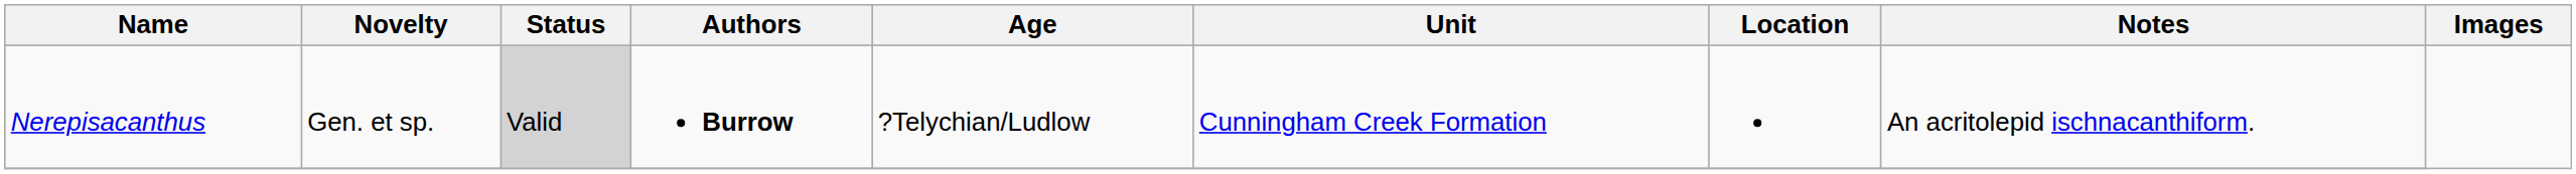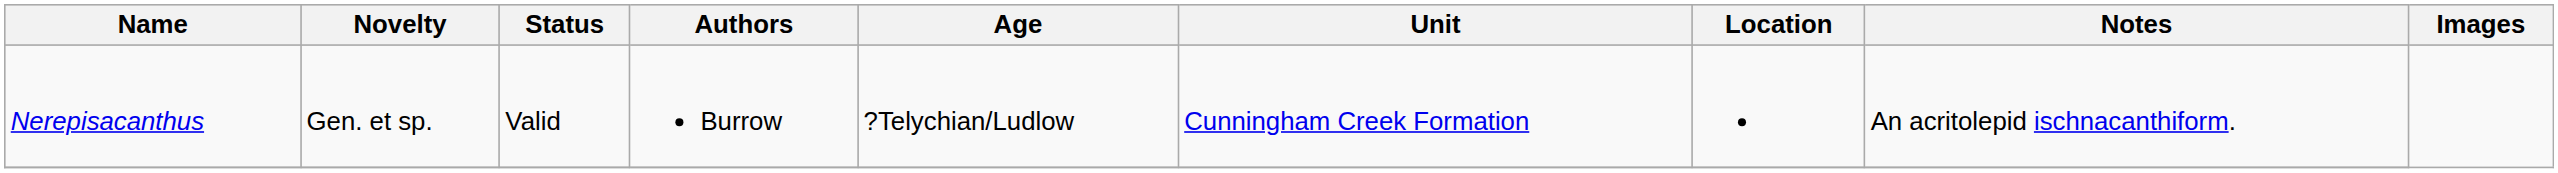 <table class="wikitable sortable" align="center" width="100%">
 <tr>
 <th>Name</th>
 <th>Novelty</th>
 <th>Status</th>
 <th>Authors</th>
 <th>Age</th>
 <th>Unit</th>
 <th>Location</th>
 <th>Notes</th>
 <th>Images</th>
 </tr>
 <tr>
 <td><br><em><a href='#'>Nerepisacanthus</a></em></td>
 <td><br>Gen. et sp.</td>
-<td style="background: lightgrey;"><br>Valid</td>
-<td><strong><br><ul><li>Burrow</li></ul></strong></td>
+<td><br>Valid</td>
+<td><br><ul><li>Burrow</li></ul></td>
 <td><br>?Telychian/Ludlow</td>
 <td><br><a href='#'>Cunningham Creek Formation</a></td>
 <td><br><ul><li></li></ul></td>
 <td><br>An acritolepid <a href='#'>ischnacanthiform</a>.</td>
 <td rowspan="47"></td>
 </tr>
 <tr>
 </tr>
 </table>
